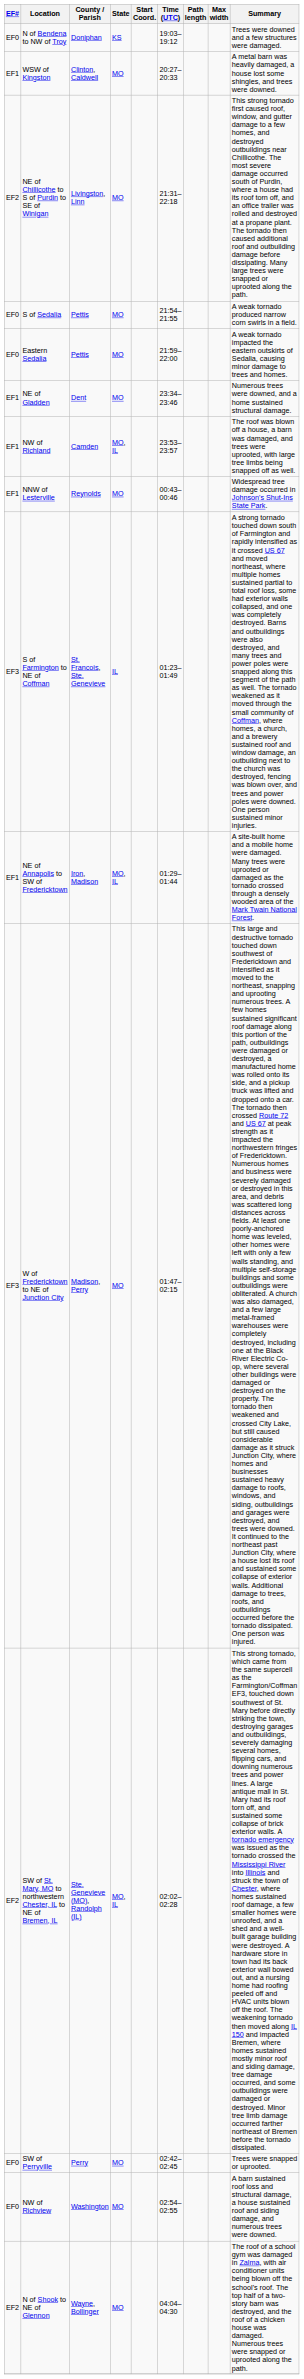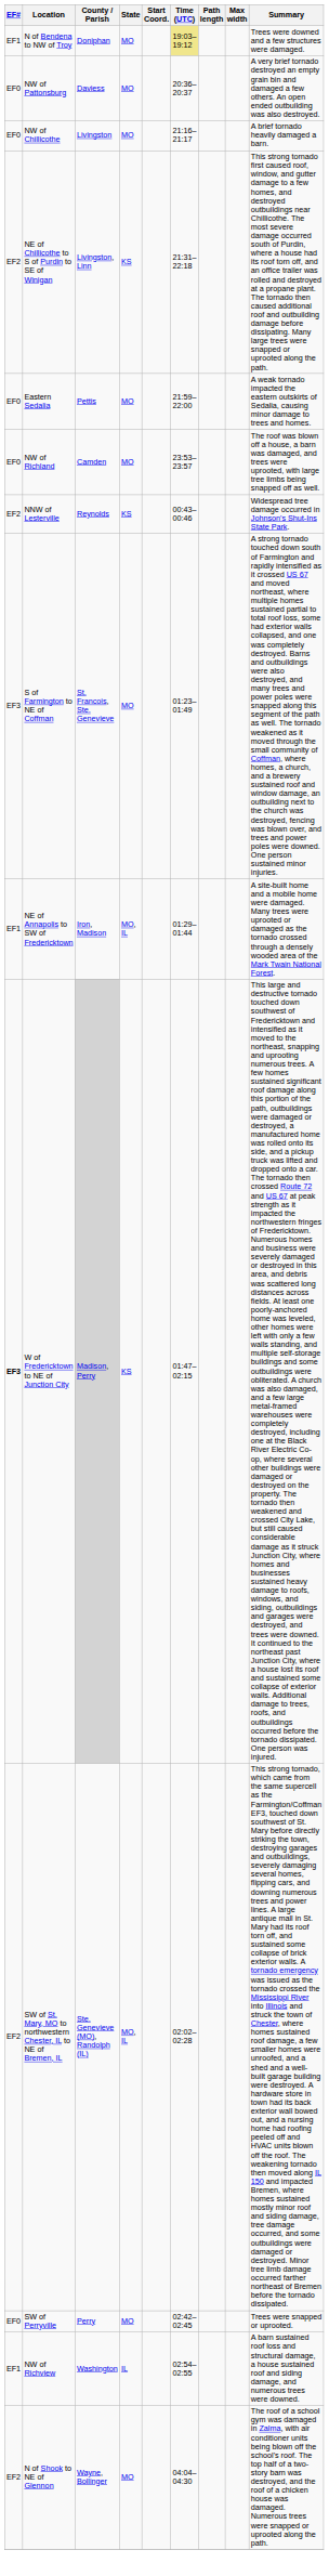 <table class="wikitable sortable" style="width:100%;">
 <tr>
 <th scope="col"  style="width:3%; text-align:center;"><a href='#'>EF#</a></th>
 <th scope="col"  style="width:7%; text-align:center;" class="unsortable">Location</th>
 <th scope="col"  style="width:6%; text-align:center;" class="unsortable">County / Parish</th>
 <th scope="col"  style="width:5%; text-align:center;">State</th>
 <th scope="col"  style="width:6%; text-align:center;">Start Coord.</th>
 <th scope="col"  style="width:6%; text-align:center;">Time (<a href='#'>UTC</a>)</th>
 <th scope="col"  style="width:6%; text-align:center;">Path length</th>
 <th scope="col"  style="width:6%; text-align:center;">Max width</th>
 <th scope="col" class="unsortable" style="width:48%; text-align:center;">Summary</th>
 </tr>
 <tr>
-<td>EF0</td>
+<td>EF1</td>
 <td>N of <a href='#'>Bendena</a> to NW of <a href='#'>Troy</a></td>
 <td><a href='#'>Doniphan</a></td>
-<td><a href='#'>KS</a></td>
+<td><a href='#'>MO</a></td>
 <td></td>
-<td>19:03–19:12</td>
+<td style="background: khaki;">19:03–19:12</td>
 <td></td>
 <td></td>
 <td>Trees were downed and a few structures were damaged.</td>
 </tr>
 <tr>
-<td>EF1</td>
-<td>WSW of <a href='#'>Kingston</a></td>
-<td><a href='#'>Clinton</a>, <a href='#'>Caldwell</a></td>
+<td>EF0</td>
+<td>NW of <a href='#'>Pattonsburg</a></td>
+<td><a href='#'>Daviess</a></td>
 <td><a href='#'>MO</a></td>
 <td></td>
-<td>20:27–20:33</td>
+<td>20:36–20:37</td>
 <td></td>
 <td></td>
-<td>A metal barn was heavily damaged, a house lost some shingles, and trees were downed.</td>
+<td>A very brief tornado destroyed an empty grain bin and damaged a few others. An open ended outbuilding was also destroyed.</td>
+</tr>
+<tr>
+<td>EF0</td>
+<td>NW of <a href='#'>Chillicothe</a></td>
+<td><a href='#'>Livingston</a></td>
+<td><a href='#'>MO</a></td>
+<td></td>
+<td>21:16–21:17</td>
+<td></td>
+<td></td>
+<td>A brief tornado heavily damaged a barn.</td>
 </tr>
 <tr>
 <td>EF2</td>
 <td>NE of <a href='#'>Chillicothe</a> to S of <a href='#'>Purdin</a> to SE of <a href='#'>Winigan</a></td>
 <td><a href='#'>Livingston</a>, <a href='#'>Linn</a></td>
-<td><a href='#'>MO</a></td>
+<td><a href='#'>KS</a></td>
 <td></td>
 <td>21:31–22:18</td>
 <td></td>
 <td></td>
 <td>This strong tornado first caused roof, window, and gutter damage to a few homes, and destroyed outbuildings near Chillicothe. The most severe damage occurred south of Purdin, where a house had its roof torn off, and an office trailer was rolled and destroyed at a propane plant. The tornado then caused additional roof and outbuilding damage before dissipating. Many large trees were snapped or uprooted along the path.</td>
-</tr>
-<tr>
-<td>EF0</td>
-<td>S of <a href='#'>Sedalia</a></td>
-<td><a href='#'>Pettis</a></td>
-<td><a href='#'>MO</a></td>
-<td></td>
-<td>21:54–21:55</td>
-<td></td>
-<td></td>
-<td>A weak tornado produced narrow corn swirls in a field.</td>
 </tr>
 <tr>
 <td>EF0</td>
 <td>Eastern <a href='#'>Sedalia</a></td>
 <td><a href='#'>Pettis</a></td>
 <td><a href='#'>MO</a></td>
 <td></td>
 <td>21:59–22:00</td>
 <td></td>
 <td></td>
 <td>A weak tornado impacted the eastern outskirts of Sedalia, causing minor damage to trees and homes.</td>
 </tr>
 <tr>
-<td>EF1</td>
-<td>NE of <a href='#'>Gladden</a></td>
-<td><a href='#'>Dent</a></td>
-<td><a href='#'>MO</a></td>
-<td></td>
-<td>23:34–23:46</td>
-<td></td>
-<td></td>
-<td>Numerous trees were downed, and a home sustained structural damage.</td>
-</tr>
-<tr>
-<td>EF1</td>
+<td>EF0</td>
 <td>NW of <a href='#'>Richland</a></td>
 <td><a href='#'>Camden</a></td>
-<td><a href='#'>MO</a>, <a href='#'>IL</a></td>
+<td><a href='#'>MO</a></td>
 <td></td>
 <td>23:53–23:57</td>
 <td></td>
 <td></td>
 <td>The roof was blown off a house, a barn was damaged, and trees were uprooted, with large tree limbs being snapped off as well.</td>
 </tr>
 <tr>
-<td>EF1</td>
+<td>EF2</td>
 <td>NNW of <a href='#'>Lesterville</a></td>
 <td><a href='#'>Reynolds</a></td>
-<td><a href='#'>MO</a></td>
+<td><a href='#'>KS</a></td>
 <td></td>
 <td>00:43–00:46</td>
 <td></td>
 <td></td>
 <td>Widespread tree damage occurred in <a href='#'>Johnson's Shut-Ins State Park</a>.</td>
 </tr>
 <tr>
 <td>EF3</td>
 <td>S of <a href='#'>Farmington</a> to NE of <a href='#'>Coffman</a></td>
 <td><a href='#'>St. Francois</a>, <a href='#'>Ste. Genevieve</a></td>
-<td><a href='#'>IL</a></td>
+<td><a href='#'>MO</a></td>
 <td></td>
 <td>01:23–01:49</td>
 <td></td>
 <td></td>
 <td>A strong tornado touched down south of Farmington and rapidly intensified as it crossed <a href='#'>US 67</a> and moved northeast, where multiple homes sustained partial to total roof loss, some had exterior walls collapsed, and one was completely destroyed. Barns and outbuildings were also destroyed, and many trees and power poles were snapped along this segment of the path as well. The tornado weakened as it moved through the small community of <a href='#'>Coffman</a>, where homes, a church, and a brewery sustained roof and window damage, an outbuilding next to the church was destroyed, fencing was blown over, and trees and power poles were downed. One person sustained minor injuries.</td>
 </tr>
 <tr>
 <td>EF1</td>
 <td>NE of <a href='#'>Annapolis</a> to SW of <a href='#'>Fredericktown</a></td>
 <td><a href='#'>Iron</a>, <a href='#'>Madison</a></td>
 <td><a href='#'>MO</a>, <a href='#'>IL</a></td>
 <td></td>
 <td>01:29–01:44</td>
 <td></td>
 <td></td>
 <td>A site-built home and a mobile home were damaged. Many trees were uprooted or damaged as the tornado crossed through a densely wooded area of the <a href='#'>Mark Twain National Forest</a>.</td>
 </tr>
 <tr>
-<td>EF3</td>
+<td><strong>EF3</strong></td>
 <td>W of <a href='#'>Fredericktown</a> to NE of <a href='#'>Junction City</a></td>
-<td><a href='#'>Madison</a>, <a href='#'>Perry</a></td>
-<td><a href='#'>MO</a></td>
+<td style="background: lightgrey;"><a href='#'>Madison</a>, <a href='#'>Perry</a></td>
+<td><a href='#'>KS</a></td>
 <td></td>
 <td>01:47–02:15</td>
 <td></td>
 <td></td>
 <td>This large and destructive tornado touched down southwest of Fredericktown and intensified as it moved to the northeast, snapping and uprooting numerous trees. A few homes sustained significant roof damage along this portion of the path, outbuildings were damaged or destroyed, a manufactured home was rolled onto its side, and a pickup truck was lifted and dropped onto a car. The tornado then crossed <a href='#'>Route 72</a> and <a href='#'>US 67</a> at peak strength as it impacted the northwestern fringes of Fredericktown. Numerous homes and business were severely damaged or destroyed in this area, and debris was scattered long distances across fields. At least one poorly-anchored home was leveled, other homes were left with only a few walls standing, and multiple self-storage buildings and some outbuildings were obliterated. A church was also damaged, and a few large metal-framed warehouses were completely destroyed, including one at the Black River Electric Co-op, where several other buildings were damaged or destroyed on the property. The tornado then weakened and crossed City Lake, but still caused considerable damage as it struck Junction City, where homes and businesses sustained heavy damage to roofs, windows, and siding, outbuildings and garages were destroyed, and trees were downed. It continued to the northeast past Junction City, where a house lost its roof and sustained some collapse of exterior walls. Additional damage to trees, roofs, and outbuildings occurred before the tornado dissipated. One person was injured.</td>
 </tr>
 <tr>
 <td>EF2</td>
 <td>SW of <a href='#'>St. Mary, MO</a> to northwestern <a href='#'>Chester, IL</a> to NE of <a href='#'>Bremen, IL</a></td>
 <td><a href='#'>Ste. Genevieve (MO)</a>, <a href='#'>Randolph (IL)</a></td>
 <td><a href='#'>MO</a>, <a href='#'>IL</a></td>
 <td></td>
 <td>02:02–02:28</td>
 <td></td>
 <td></td>
 <td>This strong tornado, which came from the same supercell as the Farmington/Coffman EF3, touched down southwest of St. Mary before directly striking the town, destroying garages and outbuildings, severely damaging several homes, flipping cars, and downing numerous trees and power lines. A large antique mall in St. Mary had its roof torn off, and sustained some collapse of brick exterior walls. A <a href='#'>tornado emergency</a> was issued as the tornado crossed the <a href='#'>Mississippi River</a> into <a href='#'>Illinois</a> and struck the town of <a href='#'>Chester</a>, where homes sustained roof damage, a few smaller homes were unroofed, and a shed and a well-built garage building were destroyed. A hardware store in town had its back exterior wall bowed out, and a nursing home had roofing peeled off and HVAC units blown off the roof. The weakening tornado then moved along <a href='#'>IL 150</a> and impacted Bremen, where homes sustained mostly minor roof and siding damage, tree damage occurred, and some outbuildings were damaged or destroyed. Minor tree limb damage occurred farther northeast of Bremen before the tornado dissipated.</td>
 </tr>
 <tr>
 <td>EF0</td>
 <td>SW of <a href='#'>Perryville</a></td>
 <td><a href='#'>Perry</a></td>
 <td><a href='#'>MO</a></td>
 <td></td>
 <td>02:42–02:45</td>
 <td></td>
 <td></td>
 <td>Trees were snapped or uprooted.</td>
 </tr>
 <tr>
-<td>EF0</td>
+<td>EF1</td>
 <td>NW of <a href='#'>Richview</a></td>
 <td><a href='#'>Washington</a></td>
-<td><a href='#'>MO</a></td>
+<td><a href='#'>IL</a></td>
 <td></td>
 <td>02:54–02:55</td>
 <td></td>
 <td></td>
 <td>A barn sustained roof loss and structural damage, a house sustained roof and siding damage, and numerous trees were downed.</td>
 </tr>
 <tr>
 <td>EF2</td>
 <td>N of <a href='#'>Shook</a> to NE of <a href='#'>Glennon</a></td>
 <td><a href='#'>Wayne</a>, <a href='#'>Bollinger</a></td>
 <td><a href='#'>MO</a></td>
 <td></td>
 <td>04:04–04:30</td>
 <td></td>
 <td></td>
 <td>The roof of a school gym was damaged in <a href='#'>Zalma</a>, with air conditioner units being blown off the school's roof. The top half of a two-story barn was destroyed, and the roof of a chicken house was damaged. Numerous trees were snapped or uprooted along the path.</td>
 </tr>
 <tr>
 </tr>
 </table>
